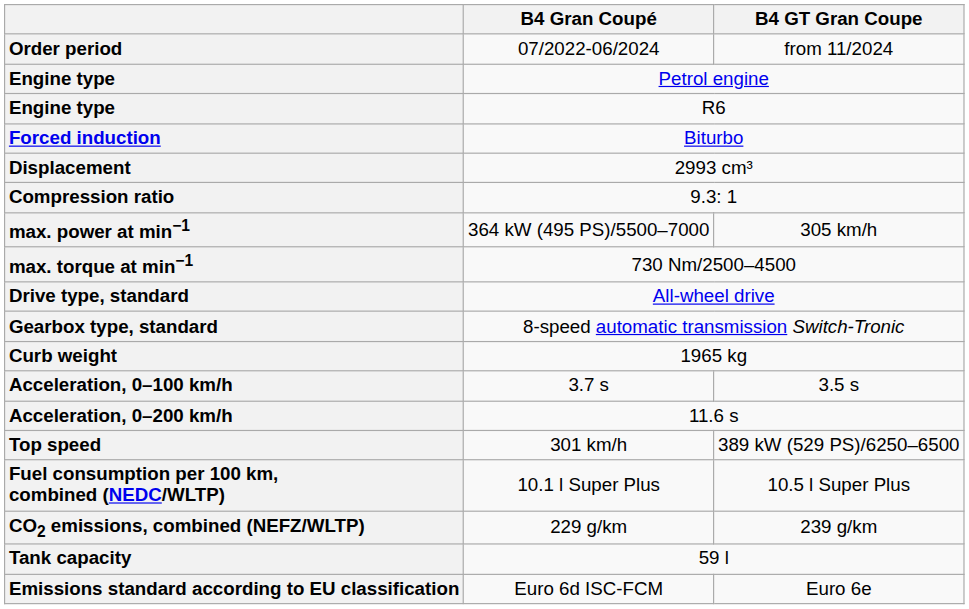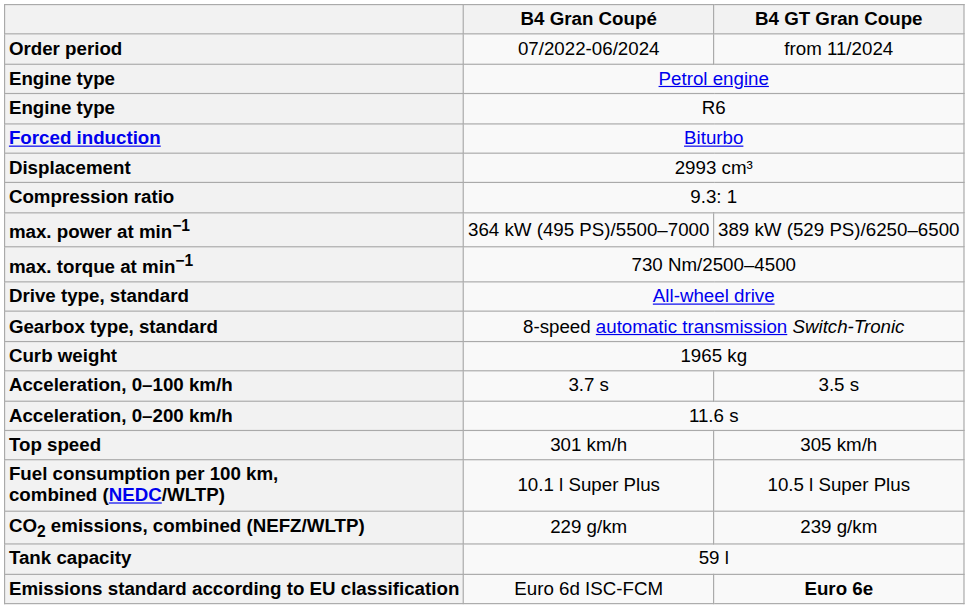 <table class="wikitable" style="text-align:center">
 <tr class="hintergrundfarbe5">
 <th></th>
 <th>B4 Gran Coupé</th>
 <th>B4 GT Gran Coupe</th>
 </tr>
 <tr>
 <th style="text-align:left">Order period</th>
 <td>07/2022-06/2024</td>
 <td>from 11/2024</td>
 </tr>
 <tr>
 <th style="text-align:left">Engine type</th>
 <td colspan="2"><a href='#'>Petrol engine</a></td>
 </tr>
 <tr>
 <th style="text-align:left">Engine type</th>
 <td colspan="2">R6</td>
 </tr>
 <tr>
 <th style="text-align:left"><a href='#'>Forced induction</a></th>
 <td colspan="2"><a href='#'>Biturbo</a></td>
 </tr>
 <tr>
 <th style="text-align:left">Displacement</th>
 <td colspan="2">2993 cm³</td>
 </tr>
 <tr>
 <th style="text-align:left">Compression ratio</th>
 <td colspan="2">9.3: 1</td>
 </tr>
 <tr>
 <th style="text-align:left">max. power at min<sup>−1</sup></th>
 <td>364 kW (495 PS)/5500–7000</td>
-<td>305 km/h</td>
+<td>389 kW (529 PS)/6250–6500</td>
 </tr>
 <tr>
 <th style="text-align:left">max. torque at min<sup>−1</sup></th>
 <td colspan="2">730 Nm/2500–4500</td>
 </tr>
 <tr>
 <th style="text-align:left">Drive type, standard</th>
 <td colspan="2"><a href='#'>All-wheel drive</a></td>
 </tr>
 <tr>
 <th style="text-align:left">Gearbox type, standard</th>
 <td colspan="2">8-speed <a href='#'>automatic transmission</a> <em>Switch-Tronic</em></td>
 </tr>
 <tr>
 <th style="text-align:left">Curb weight</th>
 <td colspan="2">1965 kg</td>
 </tr>
 <tr>
 <th style="text-align:left">Acceleration, 0–100 km/h</th>
 <td>3.7 s</td>
 <td>3.5 s</td>
 </tr>
 <tr>
 <th style="text-align:left">Acceleration, 0–200 km/h</th>
 <td colspan="2">11.6 s</td>
 </tr>
 <tr>
 <th style="text-align:left">Top speed</th>
 <td>301 km/h</td>
-<td>389 kW (529 PS)/6250–6500</td>
+<td>305 km/h</td>
 </tr>
 <tr>
 <th style="text-align:left">Fuel consumption per 100 km,<br>combined (<a href='#'>NEDC</a>/WLTP)</th>
 <td>10.1 l Super Plus</td>
 <td>10.5 l Super Plus</td>
 </tr>
 <tr>
 <th style="text-align:left">CO<sub>2</sub> emissions, combined (NEFZ/WLTP)</th>
 <td>229 g/km</td>
 <td>239 g/km</td>
 </tr>
 <tr>
 <th style="text-align:left">Tank capacity</th>
 <td colspan="2">59 l</td>
 </tr>
 <tr>
 <th style="text-align:left">Emissions standard according to EU classification</th>
 <td>Euro 6d ISC-FCM</td>
-<td>Euro 6e</td>
+<td><strong>Euro 6e</strong></td>
 </tr>
 </table>
